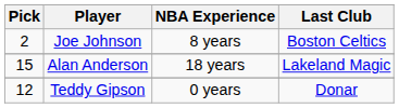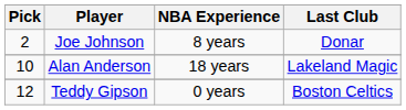 <table class="wikitable sortable sortable">
 <tr>
 </tr>
 <tr style="text-align: center">
 <th>Pick</th>
 <th>Player</th>
 <th>NBA Experience</th>
 <th>Last Club</th>
 </tr>
 <tr style="text-align: center">
 <td>2</td>
 <td><a href='#'>Joe Johnson</a></td>
 <td>8 years</td>
-<td> <a href='#'>Boston Celtics</a></td>
+<td> <a href='#'>Donar</a></td>
 </tr>
 <tr>
 </tr>
 <tr style="text-align: center">
-<td>15</td>
+<td>10</td>
 <td><a href='#'>Alan Anderson</a></td>
 <td>18 years</td>
 <td> <a href='#'>Lakeland Magic</a></td>
 </tr>
 <tr>
 </tr>
 <tr style="text-align: center">
 <td>12</td>
 <td><a href='#'>Teddy Gipson</a></td>
 <td>0 years</td>
-<td> <a href='#'>Donar</a></td>
+<td> <a href='#'>Boston Celtics</a></td>
 </tr>
 </table>
